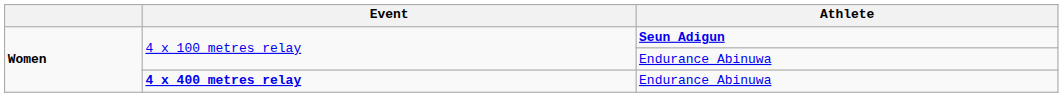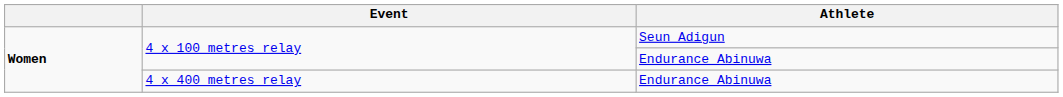 <table class=wikitable style="font-size:90%" width=60%>
 <tr>
 <th></th>
 <th>Event</th>
 <th>Athlete</th>
 </tr>
 <tr>
 <td rowspan=3><strong>Women</strong></td>
 <td rowspan=2><a href='#'>4 x 100 metres relay</a></td>
-<td><strong><a href='#'>Seun Adigun</a></strong></td>
+<td><a href='#'>Seun Adigun</a></td>
 </tr>
 <tr>
 <td><a href='#'>Endurance Abinuwa</a></td>
 </tr>
 <tr>
-<td><strong><a href='#'>4 x 400 metres relay</a></strong></td>
+<td><a href='#'>4 x 400 metres relay</a></td>
 <td><a href='#'>Endurance Abinuwa</a></td>
 </tr>
 </table>
